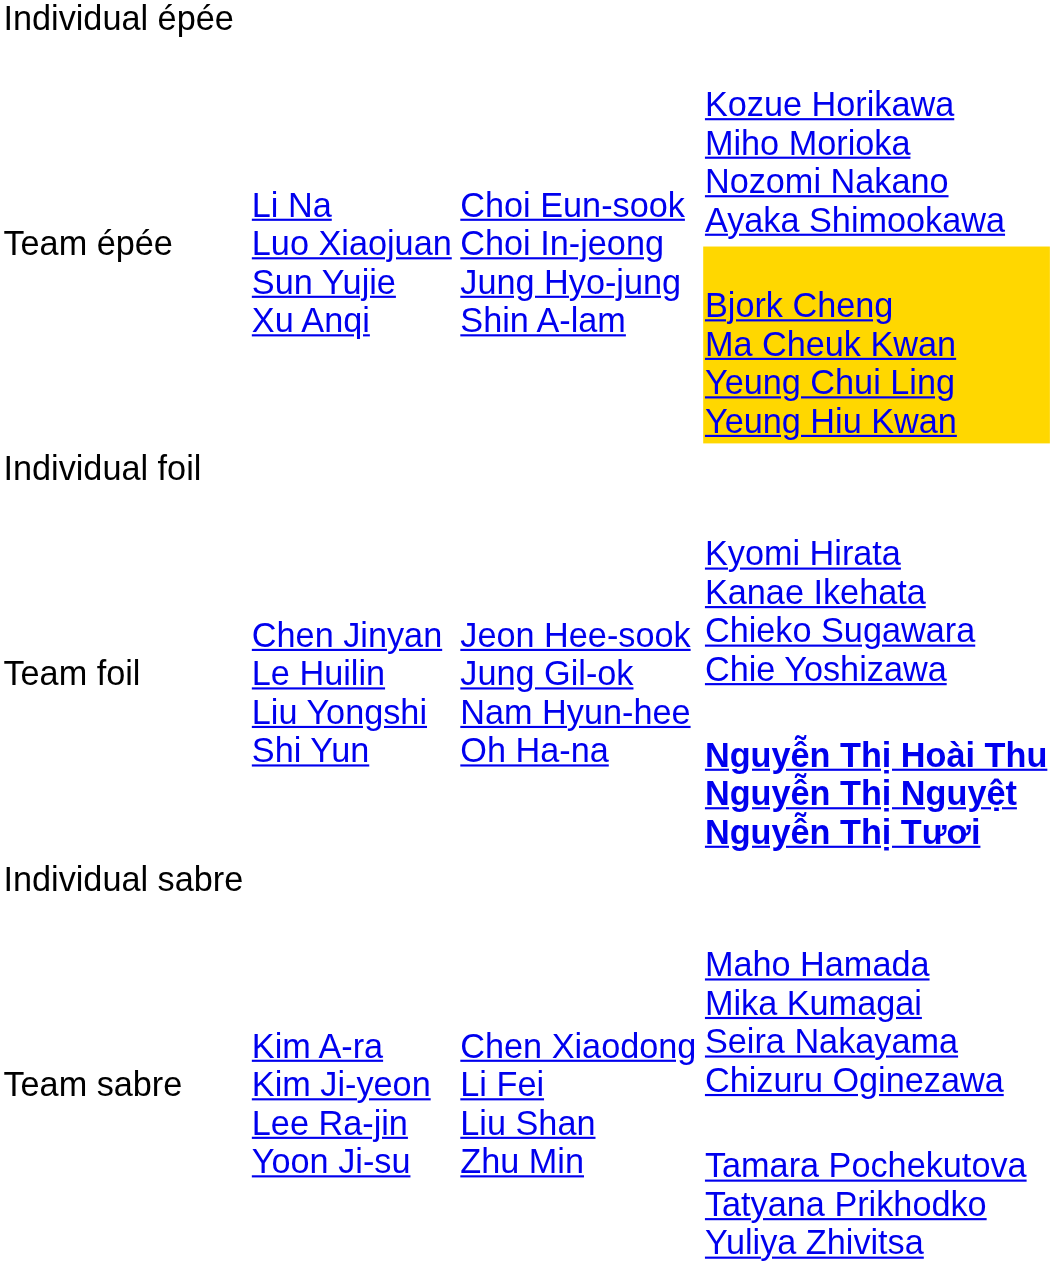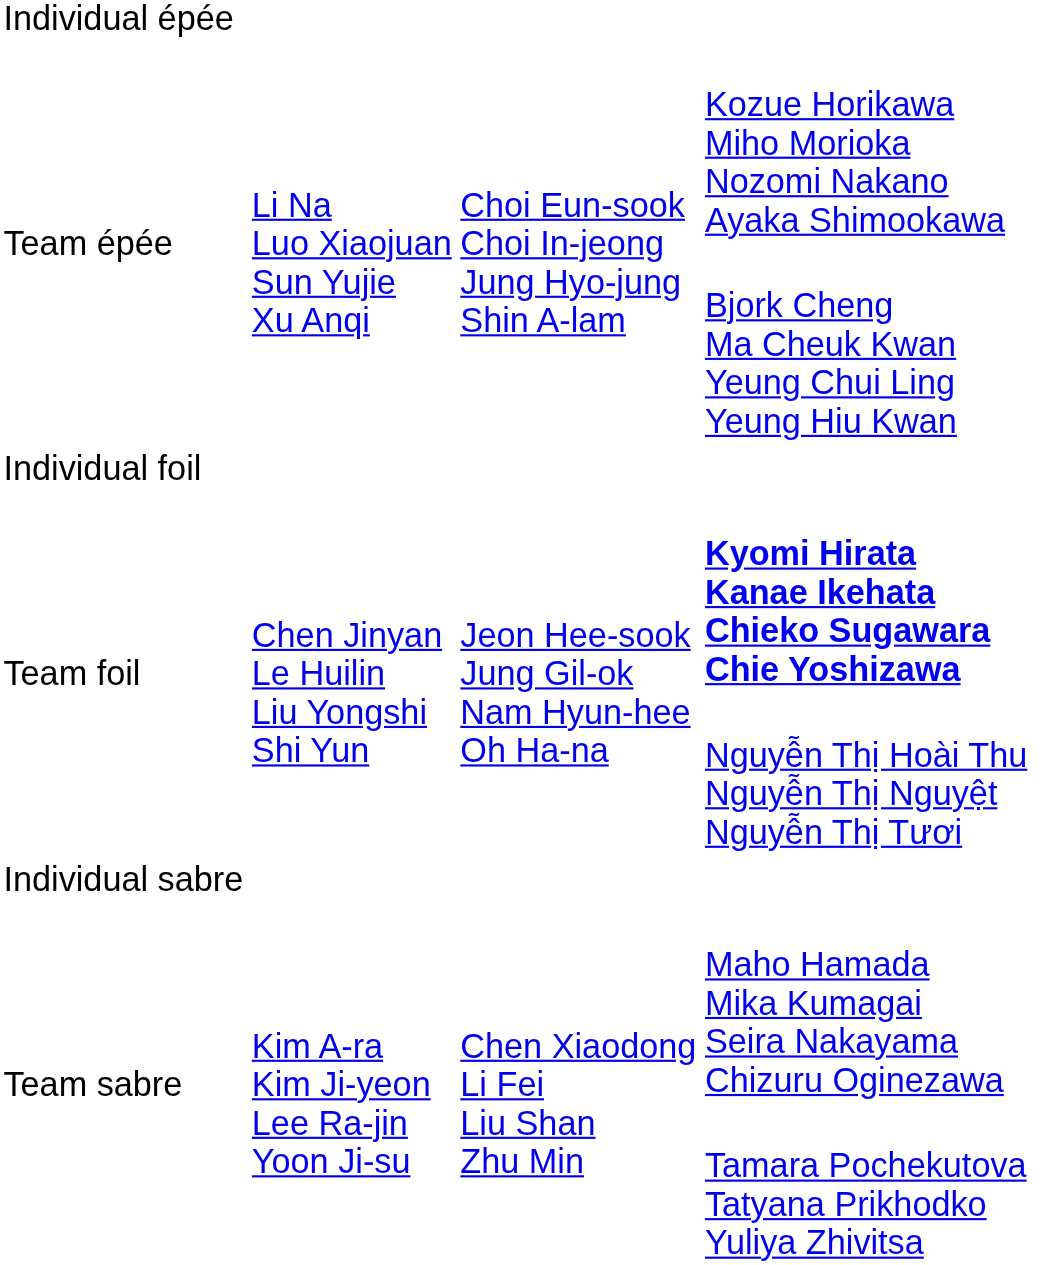 <table>
 <tr>
 <td rowspan=2>Individual épée</td>
 <td rowspan=2></td>
 <td rowspan=2></td>
 <td></td>
 </tr>
 <tr>
 <td></td>
 </tr>
 <tr>
 <td rowspan=2>Team épée</td>
 <td rowspan=2><br><a href='#'>Li Na</a><br><a href='#'>Luo Xiaojuan</a><br><a href='#'>Sun Yujie</a><br><a href='#'>Xu Anqi</a></td>
 <td rowspan=2><br><a href='#'>Choi Eun-sook</a><br><a href='#'>Choi In-jeong</a><br><a href='#'>Jung Hyo-jung</a><br><a href='#'>Shin A-lam</a></td>
 <td><br><a href='#'>Kozue Horikawa</a><br><a href='#'>Miho Morioka</a><br><a href='#'>Nozomi Nakano</a><br><a href='#'>Ayaka Shimookawa</a></td>
 </tr>
 <tr>
-<td style="background: gold;"><br><a href='#'>Bjork Cheng</a><br><a href='#'>Ma Cheuk Kwan</a><br><a href='#'>Yeung Chui Ling</a><br><a href='#'>Yeung Hiu Kwan</a></td>
+<td><br><a href='#'>Bjork Cheng</a><br><a href='#'>Ma Cheuk Kwan</a><br><a href='#'>Yeung Chui Ling</a><br><a href='#'>Yeung Hiu Kwan</a></td>
 </tr>
 <tr>
 <td rowspan=2>Individual foil</td>
 <td rowspan=2></td>
 <td rowspan=2></td>
 <td></td>
 </tr>
 <tr>
 <td></td>
 </tr>
 <tr>
 <td rowspan=2>Team foil</td>
 <td rowspan=2><br><a href='#'>Chen Jinyan</a><br><a href='#'>Le Huilin</a><br><a href='#'>Liu Yongshi</a><br><a href='#'>Shi Yun</a></td>
 <td rowspan=2><br><a href='#'>Jeon Hee-sook</a><br><a href='#'>Jung Gil-ok</a><br><a href='#'>Nam Hyun-hee</a><br><a href='#'>Oh Ha-na</a></td>
-<td><br><a href='#'>Kyomi Hirata</a><br><a href='#'>Kanae Ikehata</a><br><a href='#'>Chieko Sugawara</a><br><a href='#'>Chie Yoshizawa</a></td>
+<td><strong><br><a href='#'>Kyomi Hirata</a><br><a href='#'>Kanae Ikehata</a><br><a href='#'>Chieko Sugawara</a><br><a href='#'>Chie Yoshizawa</a></strong></td>
 </tr>
 <tr>
-<td><strong><br><a href='#'>Nguyễn Thị Hoài Thu</a><br><a href='#'>Nguyễn Thị Nguyệt</a><br><a href='#'>Nguyễn Thị Tươi</a></strong></td>
+<td><br><a href='#'>Nguyễn Thị Hoài Thu</a><br><a href='#'>Nguyễn Thị Nguyệt</a><br><a href='#'>Nguyễn Thị Tươi</a></td>
 </tr>
 <tr>
 <td rowspan=2>Individual sabre</td>
 <td rowspan=2></td>
 <td rowspan=2></td>
 <td></td>
 </tr>
 <tr>
 <td></td>
 </tr>
 <tr>
 <td rowspan=2>Team sabre</td>
 <td rowspan=2><br><a href='#'>Kim A-ra</a><br><a href='#'>Kim Ji-yeon</a><br><a href='#'>Lee Ra-jin</a><br><a href='#'>Yoon Ji-su</a></td>
 <td rowspan=2><br><a href='#'>Chen Xiaodong</a><br><a href='#'>Li Fei</a><br><a href='#'>Liu Shan</a><br><a href='#'>Zhu Min</a></td>
 <td><br><a href='#'>Maho Hamada</a><br><a href='#'>Mika Kumagai</a><br><a href='#'>Seira Nakayama</a><br><a href='#'>Chizuru Oginezawa</a></td>
 </tr>
 <tr>
 <td><br><a href='#'>Tamara Pochekutova</a><br><a href='#'>Tatyana Prikhodko</a><br><a href='#'>Yuliya Zhivitsa</a></td>
 </tr>
 </table>
